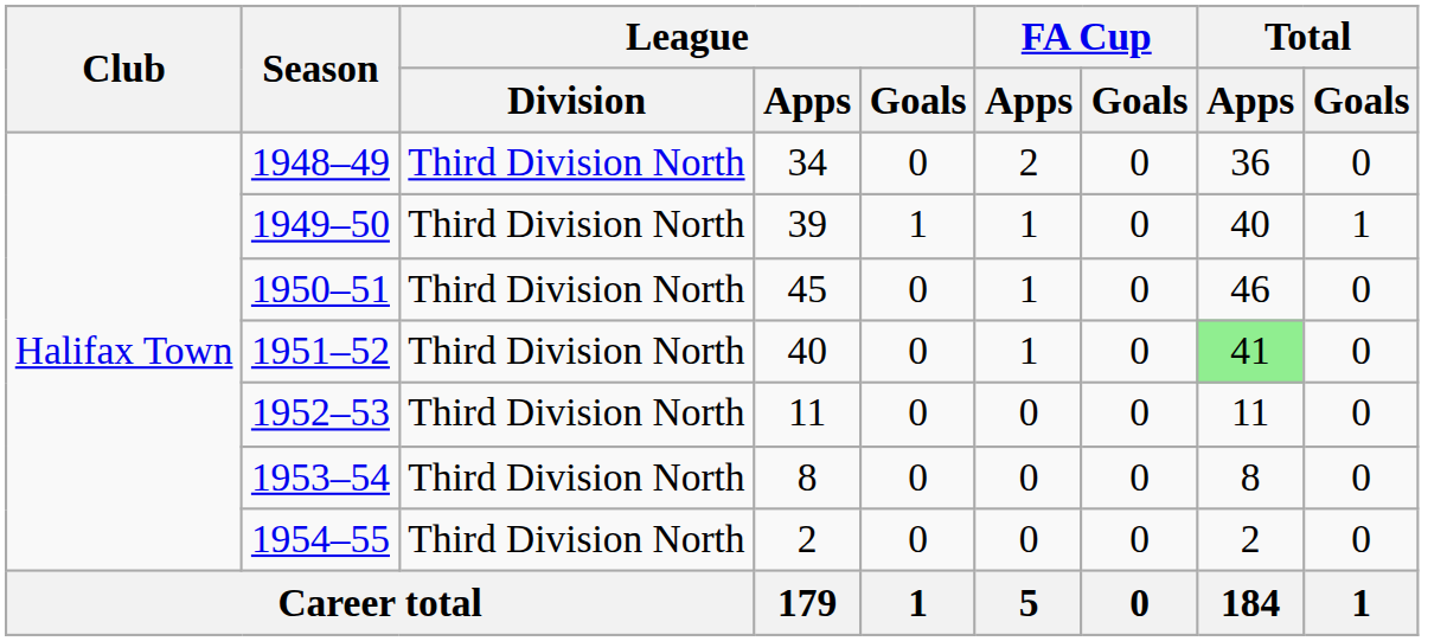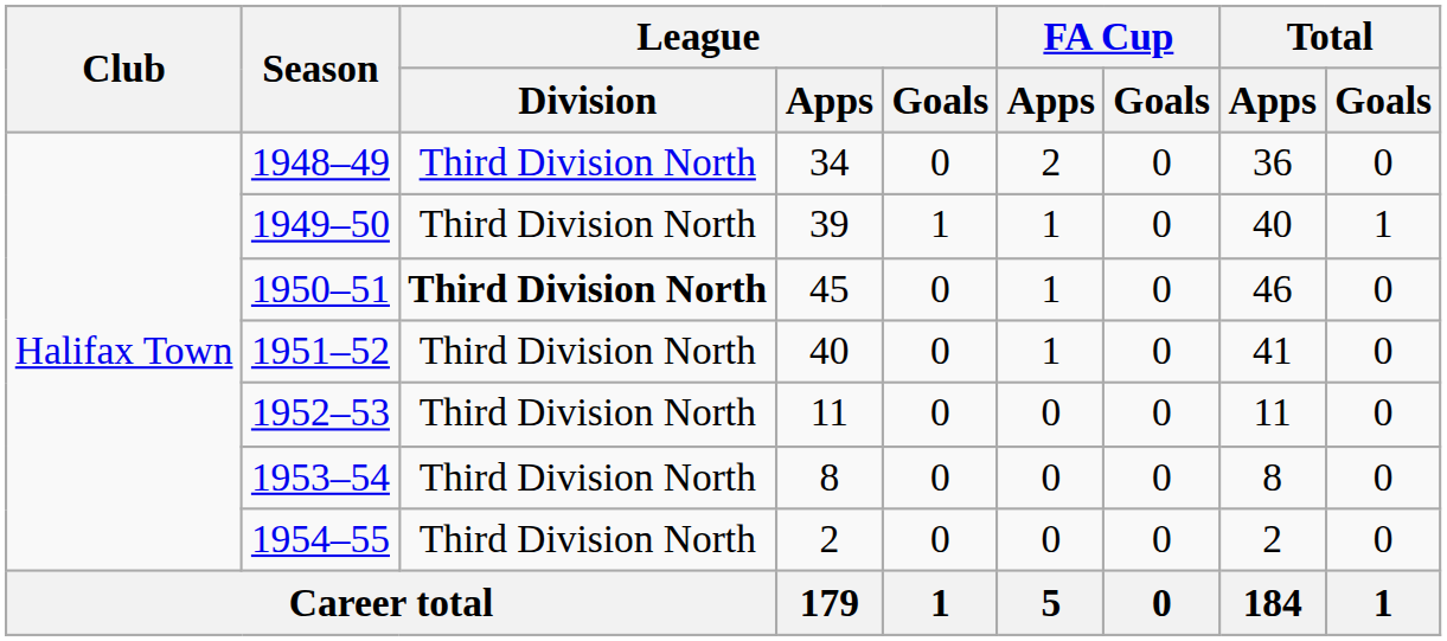 <table class="wikitable" style="text-align: center">
 <tr>
 <th rowspan="2">Club</th>
 <th rowspan="2">Season</th>
 <th colspan="3">League</th>
 <th colspan="2"><a href='#'>FA Cup</a></th>
 <th colspan="2">Total</th>
 </tr>
 <tr>
 <th>Division</th>
 <th>Apps</th>
 <th>Goals</th>
 <th>Apps</th>
 <th>Goals</th>
 <th>Apps</th>
 <th>Goals</th>
 </tr>
 <tr>
 <td rowspan="7"><a href='#'>Halifax Town</a></td>
 <td><a href='#'>1948–49</a></td>
 <td><a href='#'>Third Division North</a></td>
 <td>34</td>
 <td>0</td>
 <td>2</td>
 <td>0</td>
 <td>36</td>
 <td>0</td>
 </tr>
 <tr>
 <td><a href='#'>1949–50</a></td>
 <td>Third Division North</td>
 <td>39</td>
 <td>1</td>
 <td>1</td>
 <td>0</td>
 <td>40</td>
 <td>1</td>
 </tr>
 <tr>
 <td><a href='#'>1950–51</a></td>
-<td>Third Division North</td>
+<td><strong>Third Division North</strong></td>
 <td>45</td>
 <td>0</td>
 <td>1</td>
 <td>0</td>
 <td>46</td>
 <td>0</td>
 </tr>
 <tr>
 <td><a href='#'>1951–52</a></td>
 <td>Third Division North</td>
 <td>40</td>
 <td>0</td>
 <td>1</td>
 <td>0</td>
-<td style="background: lightgreen;">41</td>
+<td>41</td>
 <td>0</td>
 </tr>
 <tr>
 <td><a href='#'>1952–53</a></td>
 <td>Third Division North</td>
 <td>11</td>
 <td>0</td>
 <td>0</td>
 <td>0</td>
 <td>11</td>
 <td>0</td>
 </tr>
 <tr>
 <td><a href='#'>1953–54</a></td>
 <td>Third Division North</td>
 <td>8</td>
 <td>0</td>
 <td>0</td>
 <td>0</td>
 <td>8</td>
 <td>0</td>
 </tr>
 <tr>
 <td><a href='#'>1954–55</a></td>
 <td>Third Division North</td>
 <td>2</td>
 <td>0</td>
 <td>0</td>
 <td>0</td>
 <td>2</td>
 <td>0</td>
 </tr>
 <tr>
 <th colspan="3">Career total</th>
 <th>179</th>
 <th>1</th>
 <th>5</th>
 <th>0</th>
 <th>184</th>
 <th>1</th>
 </tr>
 </table>
